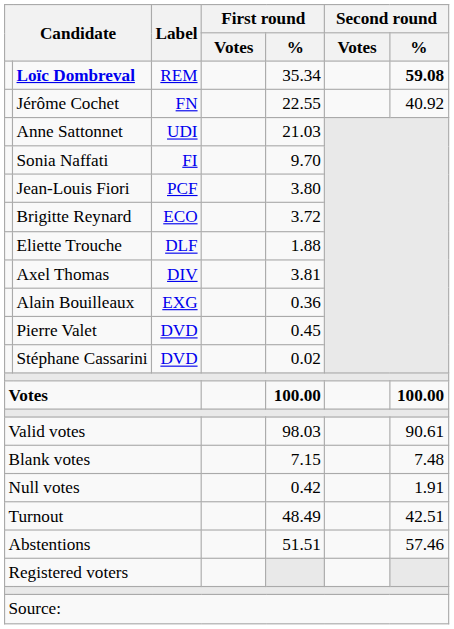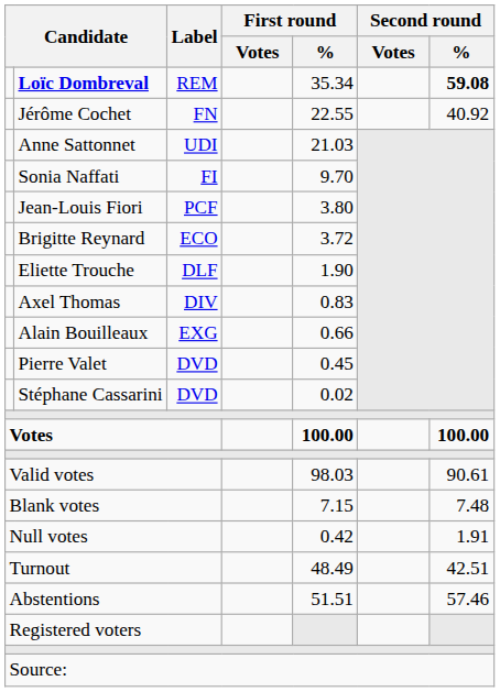 <table class="wikitable" style="text-align:right;font-size:95%;">
 <tr>
 <th colspan="2" rowspan="2">Candidate</th>
 <th rowspan="2">Label</th>
 <th colspan="2">First round</th>
 <th colspan="2">Second round</th>
 </tr>
 <tr>
 <th style="width:50px;">Votes</th>
 <th style="width:45px;">%</th>
 <th style="width:50px;">Votes</th>
 <th style="width:45px;">%</th>
 </tr>
 <tr>
 <td style="color:inherit;background:"></td>
 <td style="text-align:left;"><strong><a href='#'>Loïc Dombreval</a></strong></td>
 <td><a href='#'>REM</a></td>
 <td></td>
 <td>35.34</td>
 <td><strong></strong></td>
 <td><strong>59.08</strong></td>
 </tr>
 <tr>
 <td style="color:inherit;background:"></td>
 <td style="text-align:left;">Jérôme Cochet</td>
 <td><a href='#'>FN</a></td>
 <td></td>
 <td>22.55</td>
 <td></td>
 <td>40.92</td>
 </tr>
 <tr>
 <td style="color:inherit;background:"></td>
 <td style="text-align:left;">Anne Sattonnet</td>
 <td><a href='#'>UDI</a></td>
 <td></td>
 <td>21.03</td>
 <td colspan="2" rowspan="9" style="background:#E9E9E9;"></td>
 </tr>
 <tr>
 <td style="color:inherit;background:"></td>
 <td style="text-align:left;">Sonia Naffati</td>
 <td><a href='#'>FI</a></td>
 <td></td>
 <td>9.70</td>
 </tr>
 <tr>
 <td style="color:inherit;background:"></td>
 <td style="text-align:left;">Jean-Louis Fiori</td>
 <td><a href='#'>PCF</a></td>
 <td></td>
 <td>3.80</td>
 </tr>
 <tr>
 <td style="color:inherit;background:"></td>
 <td style="text-align:left;">Brigitte Reynard</td>
 <td><a href='#'>ECO</a></td>
 <td></td>
 <td>3.72</td>
 </tr>
 <tr>
 <td style="color:inherit;background:"></td>
 <td style="text-align:left;">Eliette Trouche</td>
 <td><a href='#'>DLF</a></td>
 <td></td>
-<td>1.88</td>
+<td>1.90</td>
 </tr>
 <tr>
 <td style="color:inherit;background:"></td>
 <td style="text-align:left;">Axel Thomas</td>
 <td><a href='#'>DIV</a></td>
 <td></td>
-<td>3.81</td>
+<td>0.83</td>
 </tr>
 <tr>
 <td style="color:inherit;background:"></td>
 <td style="text-align:left;">Alain Bouilleaux</td>
 <td><a href='#'>EXG</a></td>
 <td></td>
-<td>0.36</td>
+<td>0.66</td>
 </tr>
 <tr>
 <td style="color:inherit;background:"></td>
 <td style="text-align:left;">Pierre Valet</td>
 <td><a href='#'>DVD</a></td>
 <td></td>
 <td>0.45</td>
 </tr>
 <tr>
 <td style="color:inherit;background:"></td>
 <td style="text-align:left;">Stéphane Cassarini</td>
 <td><a href='#'>DVD</a></td>
 <td></td>
 <td>0.02</td>
 </tr>
 <tr>
 <td colspan="7" style="background:#E9E9E9;"></td>
 </tr>
 <tr style="font-weight:bold;">
 <td colspan="3" style="text-align:left;">Votes</td>
 <td></td>
 <td>100.00</td>
 <td></td>
 <td>100.00</td>
 </tr>
 <tr>
 <td colspan="7" style="background:#E9E9E9;"></td>
 </tr>
 <tr>
 <td colspan="3" style="text-align:left;">Valid votes</td>
 <td></td>
 <td>98.03</td>
 <td></td>
 <td>90.61</td>
 </tr>
 <tr>
 <td colspan="3" style="text-align:left;">Blank votes</td>
 <td></td>
 <td>7.15</td>
 <td></td>
 <td>7.48</td>
 </tr>
 <tr>
 <td colspan="3" style="text-align:left;">Null votes</td>
 <td></td>
 <td>0.42</td>
 <td></td>
 <td>1.91</td>
 </tr>
 <tr>
 <td colspan="3" style="text-align:left;">Turnout</td>
 <td></td>
 <td>48.49</td>
 <td></td>
 <td>42.51</td>
 </tr>
 <tr>
 <td colspan="3" style="text-align:left;">Abstentions</td>
 <td></td>
 <td>51.51</td>
 <td></td>
 <td>57.46</td>
 </tr>
 <tr>
 <td colspan="3" style="text-align:left;">Registered voters</td>
 <td></td>
 <td style="background:#E9E9E9;"></td>
 <td></td>
 <td style="background:#E9E9E9;"></td>
 </tr>
 <tr>
 <td colspan="7" style="background:#E9E9E9;"></td>
 </tr>
 <tr>
 <td colspan="7" style="text-align:left;">Source: </td>
 </tr>
 </table>
